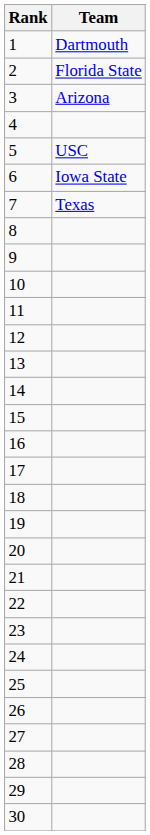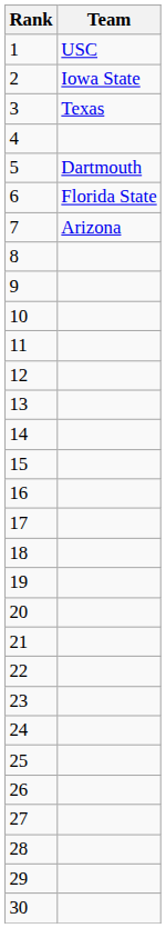 <table class=wikitable>
 <tr>
 <th>Rank</th>
 <th>Team</th>
 </tr>
 <tr>
 <td>1</td>
-<td><a href='#'>Dartmouth</a></td>
+<td><a href='#'>USC</a></td>
 </tr>
 <tr>
 <td>2</td>
-<td><a href='#'>Florida State</a></td>
+<td><a href='#'>Iowa State</a></td>
 </tr>
 <tr>
 <td>3</td>
-<td><a href='#'>Arizona</a></td>
+<td><a href='#'>Texas</a></td>
 </tr>
 <tr>
 <td>4</td>
 <td></td>
 </tr>
 <tr>
 <td>5</td>
-<td><a href='#'>USC</a></td>
+<td><a href='#'>Dartmouth</a></td>
 </tr>
 <tr>
 <td>6</td>
-<td><a href='#'>Iowa State</a></td>
+<td><a href='#'>Florida State</a></td>
 </tr>
 <tr>
 <td>7</td>
-<td><a href='#'>Texas</a></td>
+<td><a href='#'>Arizona</a></td>
 </tr>
 <tr>
 <td>8</td>
 <td></td>
 </tr>
 <tr>
 <td>9</td>
 <td></td>
 </tr>
 <tr>
 <td>10</td>
 <td></td>
 </tr>
 <tr>
 <td>11</td>
 <td></td>
 </tr>
 <tr>
 <td>12</td>
 <td></td>
 </tr>
 <tr>
 <td>13</td>
 <td></td>
 </tr>
 <tr>
 <td>14</td>
 <td></td>
 </tr>
 <tr>
 <td>15</td>
 <td></td>
 </tr>
 <tr>
 <td>16</td>
 <td></td>
 </tr>
 <tr>
 <td>17</td>
 <td></td>
 </tr>
 <tr>
 <td>18</td>
 <td></td>
 </tr>
 <tr>
 <td>19</td>
 <td></td>
 </tr>
 <tr>
 <td>20</td>
 <td></td>
 </tr>
 <tr>
 <td>21</td>
 <td></td>
 </tr>
 <tr>
 <td>22</td>
 <td></td>
 </tr>
 <tr>
 <td>23</td>
 <td></td>
 </tr>
 <tr>
 <td>24</td>
 <td></td>
 </tr>
 <tr>
 <td>25</td>
 <td></td>
 </tr>
 <tr>
 <td>26</td>
 <td></td>
 </tr>
 <tr>
 <td>27</td>
 <td></td>
 </tr>
 <tr>
 <td>28</td>
 <td></td>
 </tr>
 <tr>
 <td>29</td>
 <td></td>
 </tr>
 <tr>
 <td>30</td>
 <td></td>
 </tr>
 </table>
